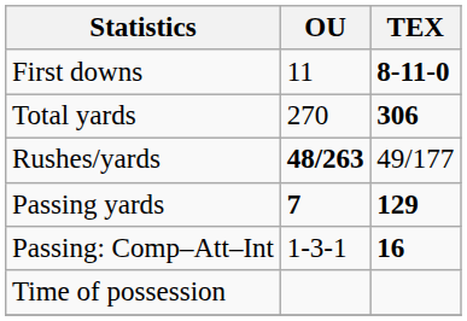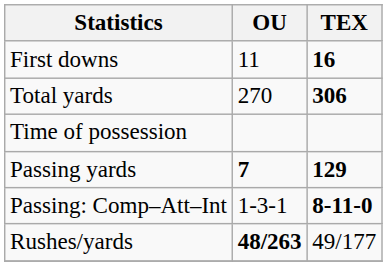 <table class="wikitable" style="float: left;">
 <tr>
 <th>Statistics</th>
 <th>OU</th>
 <th>TEX</th>
 </tr>
 <tr>
 <td>First downs</td>
 <td>11</td>
-<td><strong>8-11-0</strong></td>
+<td><strong>16</strong></td>
 </tr>
 <tr>
 <td>Total yards</td>
 <td>270</td>
 <td><strong>306</strong></td>
 </tr>
 <tr>
-<td>Rushes/yards</td>
-<td><strong>48/263</strong></td>
-<td>49/177</td>
+<td>Time of possession</td>
+<td></td>
+<td></td>
 </tr>
 <tr>
 <td>Passing yards</td>
 <td><strong>7</strong></td>
 <td><strong>129</strong></td>
 </tr>
 <tr>
 <td>Passing: Comp–Att–Int</td>
 <td>1-3-1</td>
-<td><strong>16</strong></td>
+<td><strong>8-11-0</strong></td>
 </tr>
 <tr>
-<td>Time of possession</td>
-<td></td>
-<td></td>
+<td>Rushes/yards</td>
+<td><strong>48/263</strong></td>
+<td>49/177</td>
 </tr>
 <tr>
 </tr>
 </table>
